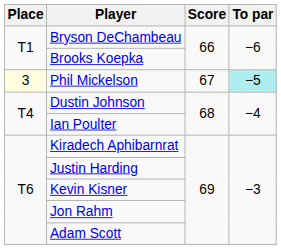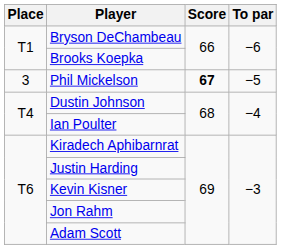 <table class="wikitable">
 <tr>
 <th>Place</th>
 <th>Player</th>
 <th>Score</th>
 <th>To par</th>
 </tr>
 <tr>
 <td rowspan=2 align=center>T1</td>
 <td> <a href='#'>Bryson DeChambeau</a></td>
 <td rowspan=2 align=center>66</td>
 <td rowspan=2 align=center>−6</td>
 </tr>
 <tr>
 <td> <a href='#'>Brooks Koepka</a></td>
 </tr>
 <tr>
-<td align=center style="background: lightyellow;">3</td>
+<td align=center>3</td>
 <td> <a href='#'>Phil Mickelson</a></td>
-<td align=center>67</td>
-<td align=center style="background: paleturquoise;">−5</td>
+<td align=center><strong>67</strong></td>
+<td align=center>−5</td>
 </tr>
 <tr>
 <td rowspan=2 align=center>T4</td>
 <td> <a href='#'>Dustin Johnson</a></td>
 <td rowspan=2 align=center>68</td>
 <td rowspan=2 align=center>−4</td>
 </tr>
 <tr>
 <td> <a href='#'>Ian Poulter</a></td>
 </tr>
 <tr>
 <td rowspan=5 align=center>T6</td>
 <td> <a href='#'>Kiradech Aphibarnrat</a></td>
 <td rowspan=5 align=center>69</td>
 <td rowspan=5 align=center>−3</td>
 </tr>
 <tr>
 <td> <a href='#'>Justin Harding</a></td>
 </tr>
 <tr>
 <td> <a href='#'>Kevin Kisner</a></td>
 </tr>
 <tr>
 <td> <a href='#'>Jon Rahm</a></td>
 </tr>
 <tr>
 <td> <a href='#'>Adam Scott</a></td>
 </tr>
 </table>
